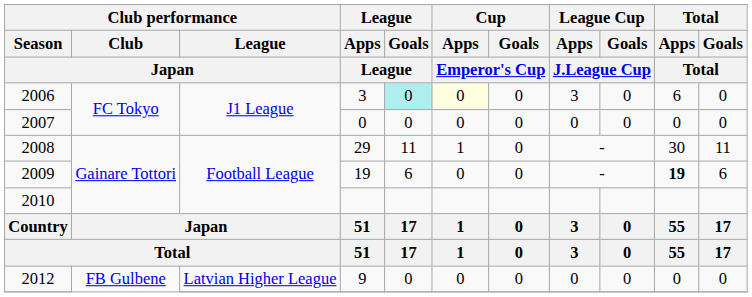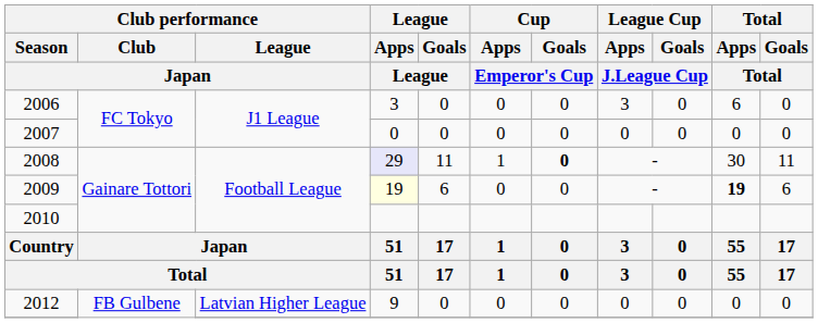 <table class="wikitable" style="text-align:center;">
 <tr>
 <th colspan=3>Club performance</th>
 <th colspan=2>League</th>
 <th colspan=2>Cup</th>
 <th colspan=2>League Cup</th>
 <th colspan=2>Total</th>
 </tr>
 <tr>
 <th>Season</th>
 <th>Club</th>
 <th>League</th>
 <th>Apps</th>
 <th>Goals</th>
 <th>Apps</th>
 <th>Goals</th>
 <th>Apps</th>
 <th>Goals</th>
 <th>Apps</th>
 <th>Goals</th>
 </tr>
 <tr>
 <th colspan=3>Japan</th>
 <th colspan=2>League</th>
 <th colspan=2><a href='#'>Emperor's Cup</a></th>
 <th colspan=2><a href='#'>J.League Cup</a></th>
 <th colspan=2>Total</th>
 </tr>
 <tr>
 <td>2006</td>
 <td rowspan="2"><a href='#'>FC Tokyo</a></td>
 <td rowspan="2"><a href='#'>J1 League</a></td>
 <td>3</td>
-<td style="background: paleturquoise;">0</td>
-<td style="background: lightyellow;">0</td>
+<td>0</td>
+<td>0</td>
 <td>0</td>
 <td>3</td>
 <td>0</td>
 <td>6</td>
 <td>0</td>
 </tr>
 <tr>
 <td>2007</td>
 <td>0</td>
 <td>0</td>
 <td>0</td>
 <td>0</td>
 <td>0</td>
 <td>0</td>
 <td>0</td>
 <td>0</td>
 </tr>
 <tr>
 <td>2008</td>
 <td rowspan="3"><a href='#'>Gainare Tottori</a></td>
 <td rowspan="3"><a href='#'>Football League</a></td>
-<td>29</td>
+<td style="background: lavender;">29</td>
 <td>11</td>
 <td>1</td>
-<td>0</td>
+<td><strong>0</strong></td>
 <td colspan="2">-</td>
 <td>30</td>
 <td>11</td>
 </tr>
 <tr>
 <td>2009</td>
-<td>19</td>
+<td style="background: lightyellow;">19</td>
 <td>6</td>
 <td>0</td>
 <td>0</td>
 <td colspan="2">-</td>
 <td><strong>19</strong></td>
 <td>6</td>
 </tr>
 <tr>
 <td>2010</td>
 <td></td>
 <td></td>
 <td></td>
 <td></td>
 <td></td>
 <td></td>
 <td></td>
 <td></td>
 </tr>
 <tr>
 <th>Country</th>
 <th colspan=2>Japan</th>
 <th>51</th>
 <th>17</th>
 <th>1</th>
 <th>0</th>
 <th>3</th>
 <th>0</th>
 <th>55</th>
 <th>17</th>
 </tr>
 <tr>
 <th colspan=3>Total</th>
 <th>51</th>
 <th>17</th>
 <th>1</th>
 <th>0</th>
 <th>3</th>
 <th>0</th>
 <th>55</th>
 <th>17</th>
 </tr>
 <tr>
 <td>2012</td>
 <td rowspan="2"><a href='#'>FB Gulbene</a></td>
 <td rowspan="1"><a href='#'>Latvian Higher League</a></td>
 <td>9</td>
 <td>0</td>
 <td>0</td>
 <td>0</td>
 <td>0</td>
 <td>0</td>
 <td>0</td>
 <td>0</td>
 </tr>
 <tr>
 </tr>
 </table>
